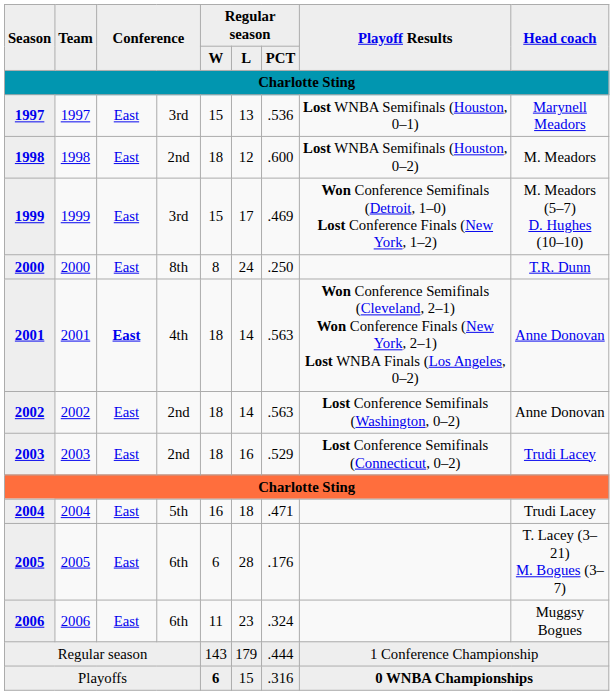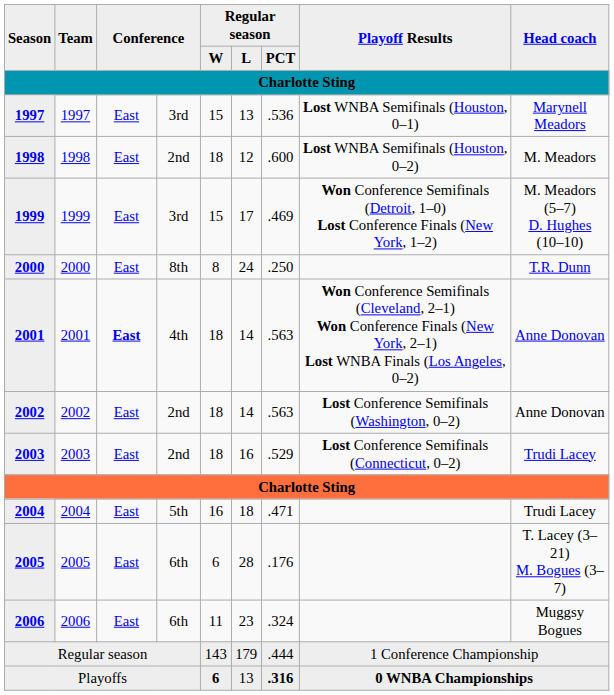 <table class="wikitable" style="font-size:95%; text-align: center; margin:1em auto;">
 <tr>
 <th rowspan="2" style="background:#eee;">Season</th>
 <th rowspan="2" style="background:#eee;">Team</th>
 <th rowspan="2" colspan="2" style="background:#eee;">Conference</th>
 <th colspan="3" style="background:#eee;">Regular season</th>
 <th rowspan="2" style="background:#eee;"><a href='#'>Playoff</a> Results</th>
 <th rowspan="2" style="background:#eee;"><a href='#'>Head coach</a></th>
 </tr>
 <tr>
 <th style="background:#eee;">W</th>
 <th style="background:#eee;">L</th>
 <th style="background:#eee;">PCT</th>
 </tr>
 <tr>
 <td colspan="9" align=center bgcolor="#0196b0 "><strong><span>Charlotte Sting</span></strong></td>
 </tr>
 <tr align="center">
 <th style="background:#eee;"><a href='#'>1997</a></th>
 <td><a href='#'>1997</a></td>
 <td style="width: 10%"><a href='#'>East</a></td>
 <td>3rd</td>
 <td>15</td>
 <td>13</td>
 <td>.536</td>
 <td><strong>Lost</strong> WNBA Semifinals (<a href='#'>Houston</a>, 0–1)</td>
 <td><a href='#'>Marynell Meadors</a></td>
 </tr>
 <tr align="center">
 <th style="background:#eee;"><a href='#'>1998</a></th>
 <td><a href='#'>1998</a></td>
 <td style="width: 10%"><a href='#'>East</a></td>
 <td>2nd</td>
 <td>18</td>
 <td>12</td>
 <td>.600</td>
 <td><strong>Lost</strong> WNBA Semifinals (<a href='#'>Houston</a>, 0–2)</td>
 <td>M. Meadors</td>
 </tr>
 <tr align="center">
 <th style="background:#eee;"><a href='#'>1999</a></th>
 <td><a href='#'>1999</a></td>
 <td style="width: 10%"><a href='#'>East</a></td>
 <td>3rd</td>
 <td>15</td>
 <td>17</td>
 <td>.469</td>
 <td><strong>Won</strong> Conference Semifinals (<a href='#'>Detroit</a>, 1–0)<br> <strong>Lost</strong> Conference Finals (<a href='#'>New York</a>, 1–2)</td>
 <td>M. Meadors (5–7)<br><a href='#'>D. Hughes</a> (10–10)</td>
 </tr>
 <tr align="center">
 <th style="background:#eee;"><a href='#'>2000</a></th>
 <td><a href='#'>2000</a></td>
 <td style="width: 10%"><a href='#'>East</a></td>
 <td>8th</td>
 <td>8</td>
 <td>24</td>
 <td>.250</td>
 <td></td>
 <td><a href='#'>T.R. Dunn</a></td>
 </tr>
 <tr align="center">
 <th style="background:#eee;"><a href='#'>2001</a></th>
 <td><a href='#'>2001</a></td>
 <td style="width: 10%"><strong><a href='#'>East</a></strong></td>
 <td>4th</td>
 <td>18</td>
 <td>14</td>
 <td>.563</td>
 <td><strong>Won</strong> Conference Semifinals (<a href='#'>Cleveland</a>, 2–1)<br> <strong>Won</strong> Conference Finals (<a href='#'>New York</a>, 2–1)<br> <strong>Lost</strong> WNBA Finals (<a href='#'>Los Angeles</a>, 0–2)</td>
 <td><a href='#'>Anne Donovan</a></td>
 </tr>
 <tr align="center">
 <th style="background:#eee;"><a href='#'>2002</a></th>
 <td><a href='#'>2002</a></td>
 <td style="width: 10%"><a href='#'>East</a></td>
 <td>2nd</td>
 <td>18</td>
 <td>14</td>
 <td>.563</td>
 <td><strong>Lost</strong> Conference Semifinals (<a href='#'>Washington</a>, 0–2)</td>
 <td>Anne Donovan</td>
 </tr>
 <tr align="center">
 <th style="background:#eee"><a href='#'>2003</a></th>
 <td><a href='#'>2003</a></td>
 <td style="width: 10%"><a href='#'>East</a></td>
 <td>2nd</td>
 <td>18</td>
 <td>16</td>
 <td>.529</td>
 <td><strong>Lost</strong> Conference Semifinals (<a href='#'>Connecticut</a>, 0–2)</td>
 <td><a href='#'>Trudi Lacey</a></td>
 </tr>
 <tr align="center">
 <td colspan="9" align=center bgcolor="#FF6E3D "><strong><span>Charlotte Sting</span></strong></td>
 </tr>
 <tr align="center">
 <th style="background:#eee"><a href='#'>2004</a></th>
 <td><a href='#'>2004</a></td>
 <td style="width: 10%"><a href='#'>East</a></td>
 <td>5th</td>
 <td>16</td>
 <td>18</td>
 <td>.471</td>
 <td></td>
 <td>Trudi Lacey</td>
 </tr>
 <tr align="center">
 <th style="background:#eee;"><a href='#'>2005</a></th>
 <td><a href='#'>2005</a></td>
 <td style="width: 10%"><a href='#'>East</a></td>
 <td>6th</td>
 <td>6</td>
 <td>28</td>
 <td>.176</td>
 <td></td>
 <td>T. Lacey (3–21)<br><a href='#'>M. Bogues</a> (3–7)</td>
 </tr>
 <tr align="center">
 <th style="background:#eee;"><a href='#'>2006</a></th>
 <td><a href='#'>2006</a></td>
 <td style="width: 10%"><a href='#'>East</a></td>
 <td>6th</td>
 <td>11</td>
 <td>23</td>
 <td>.324</td>
 <td></td>
 <td>Muggsy Bogues</td>
 </tr>
 <tr>
 <td colspan="4" style="background:#eee;">Regular season</td>
 <td style="background:#eee;">143</td>
 <td style="background:#eee;">179</td>
 <td style="background:#eee;">.444</td>
 <td colspan="2" style="background:#eee;">1 Conference Championship</td>
 </tr>
 <tr>
 <td colspan="4" style="background:#eee;">Playoffs</td>
 <td style="background:#eee;"><strong>6</strong></td>
-<td style="background:#eee;">15</td>
-<td style="background:#eee;">.316</td>
+<td style="background:#eee;">13</td>
+<td style="background:#eee;"><strong>.316</strong></td>
 <td colspan="2" style="background:#eee;"><strong>0 WNBA Championships</strong></td>
 </tr>
 </table>
